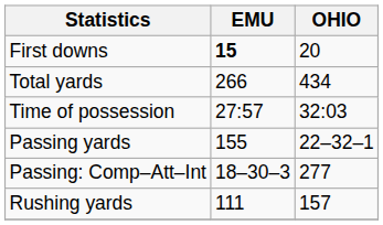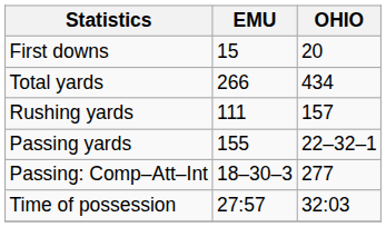 <table class="wikitable" style="float: left;">
 <tr>
 <th>Statistics</th>
 <th>EMU</th>
 <th>OHIO</th>
 </tr>
 <tr>
 <td>First downs</td>
-<td><strong>15</strong></td>
+<td>15</td>
 <td>20</td>
 </tr>
 <tr>
 <td>Total yards</td>
 <td>266</td>
 <td>434</td>
 </tr>
 <tr>
-<td>Time of possession</td>
-<td>27:57</td>
-<td>32:03</td>
+<td>Rushing yards</td>
+<td>111</td>
+<td>157</td>
 </tr>
 <tr>
 <td>Passing yards</td>
 <td>155</td>
 <td>22–32–1</td>
 </tr>
 <tr>
 <td>Passing: Comp–Att–Int</td>
 <td>18–30–3</td>
 <td>277</td>
 </tr>
 <tr>
-<td>Rushing yards</td>
-<td>111</td>
-<td>157</td>
+<td>Time of possession</td>
+<td>27:57</td>
+<td>32:03</td>
 </tr>
 <tr>
 </tr>
 </table>
